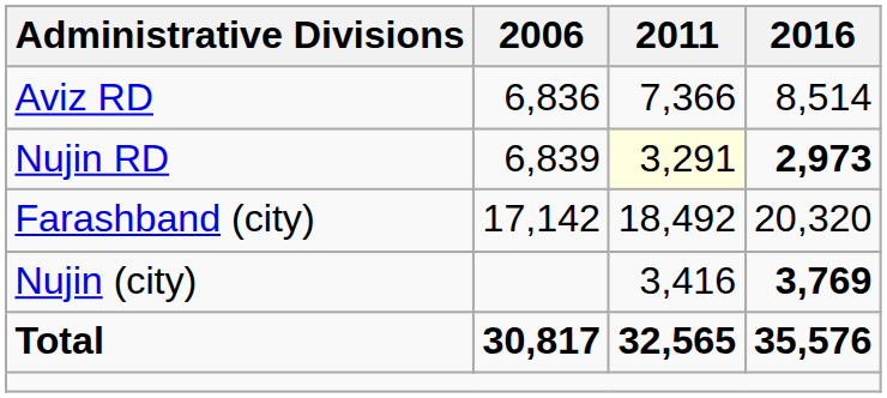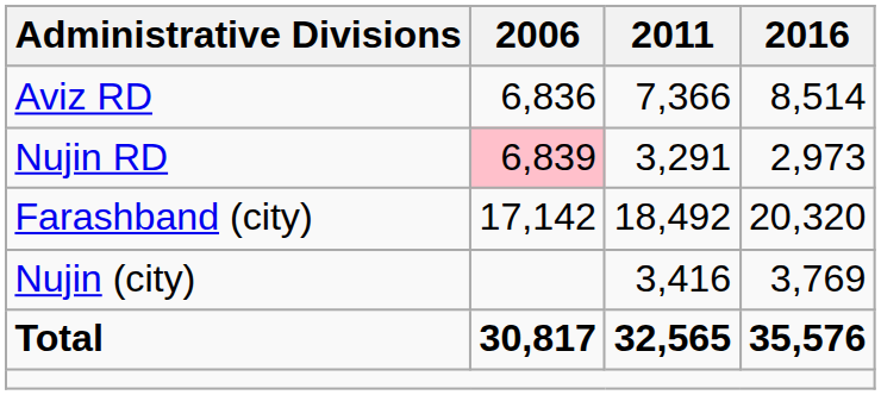 <table class="wikitable">
 <tr>
 <th>Administrative Divisions</th>
 <th>2006</th>
 <th>2011</th>
 <th>2016</th>
 </tr>
 <tr>
 <td><a href='#'>Aviz RD</a></td>
 <td style="text-align: right;">6,836</td>
 <td style="text-align: right;">7,366</td>
 <td style="text-align: right;">8,514</td>
 </tr>
 <tr>
 <td><a href='#'>Nujin RD</a></td>
-<td style="text-align: right;">6,839</td>
-<td style="background: lightyellow; text-align: right;">3,291</td>
-<td style="text-align: right;"><strong>2,973</strong></td>
+<td style="background: pink; text-align: right;">6,839</td>
+<td style="text-align: right;">3,291</td>
+<td style="text-align: right;">2,973</td>
 </tr>
 <tr>
 <td><a href='#'>Farashband</a> (city)</td>
 <td style="text-align: right;">17,142</td>
 <td style="text-align: right;">18,492</td>
 <td style="text-align: right;">20,320</td>
 </tr>
 <tr>
 <td><a href='#'>Nujin</a> (city)</td>
 <td style="text-align: right;"></td>
 <td style="text-align: right;">3,416</td>
-<td style="text-align: right;"><strong>3,769</strong></td>
+<td style="text-align: right;">3,769</td>
 </tr>
 <tr>
 <td><strong>Total</strong></td>
 <td style="text-align: right;"><strong>30,817</strong></td>
 <td style="text-align: right;"><strong>32,565</strong></td>
 <td style="text-align: right;"><strong>35,576</strong></td>
 </tr>
 <tr>
 <td colspan=4></td>
 </tr>
 </table>
